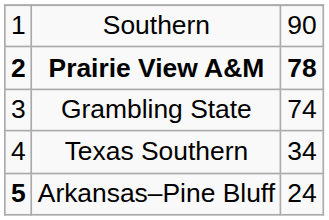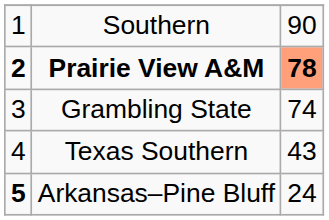 <table class="wikitable" style="display: inline-table;">
 <tr align="center">
 </tr>
 <tr align="center">
 <td>1</td>
 <td>Southern</td>
 <td>90</td>
 </tr>
 <tr align="center">
 <td><strong>2</strong></td>
 <td><strong>Prairie View A&M</strong></td>
-<td><strong>78</strong></td>
+<td style="background: lightsalmon;"><strong>78</strong></td>
 </tr>
 <tr align="center">
 <td>3</td>
 <td>Grambling State</td>
 <td>74</td>
 </tr>
 <tr align="center">
 <td>4</td>
 <td>Texas Southern</td>
-<td>34</td>
+<td>43</td>
 </tr>
 <tr align="center">
 <td><strong>5</strong></td>
 <td>Arkansas–Pine Bluff</td>
 <td>24</td>
 </tr>
 </table>
